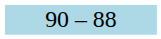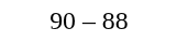 <table style="text-align:center">
 <tr>
 <th width=200></th>
 <th width=100></th>
 <th width=200></th>
 <th></th>
 </tr>
 <tr>
 <td align=right><strong></strong></td>
-<td style="background: lightblue;">90 – 88</td>
+<td>90 – 88</td>
 <td align=left> </td>
 </tr>
 </table>
